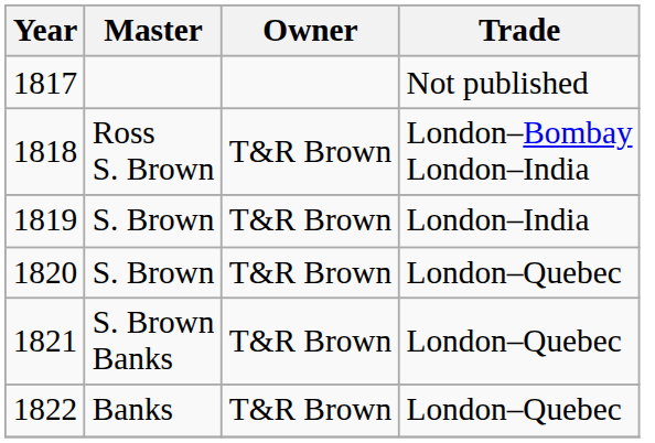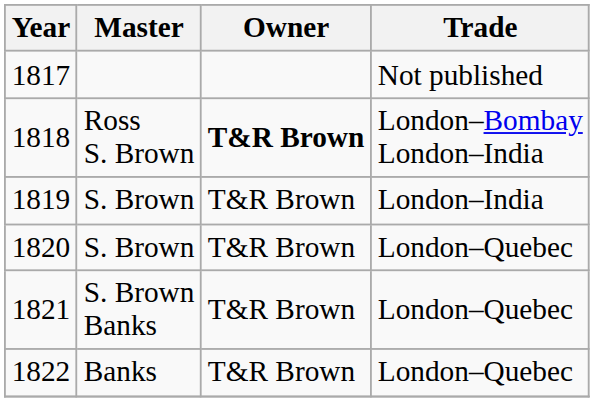 <table class="sortable wikitable">
 <tr>
 <th>Year</th>
 <th>Master</th>
 <th>Owner</th>
 <th>Trade</th>
 </tr>
 <tr>
 <td>1817</td>
 <td></td>
 <td></td>
 <td>Not published</td>
 </tr>
 <tr>
 <td>1818</td>
 <td>Ross<br>S. Brown</td>
-<td>T&R Brown</td>
+<td><strong>T&R Brown</strong></td>
 <td>London–<a href='#'>Bombay</a><br>London–India</td>
 </tr>
 <tr>
 <td>1819</td>
 <td>S. Brown</td>
 <td>T&R Brown</td>
 <td>London–India</td>
 </tr>
 <tr>
 <td>1820</td>
 <td>S. Brown</td>
 <td>T&R Brown</td>
 <td>London–Quebec</td>
 </tr>
 <tr>
 <td>1821</td>
 <td>S. Brown<br>Banks</td>
 <td>T&R Brown</td>
 <td>London–Quebec</td>
 </tr>
 <tr>
 <td>1822</td>
 <td>Banks</td>
 <td>T&R Brown</td>
 <td>London–Quebec</td>
 </tr>
 <tr>
 </tr>
 </table>
